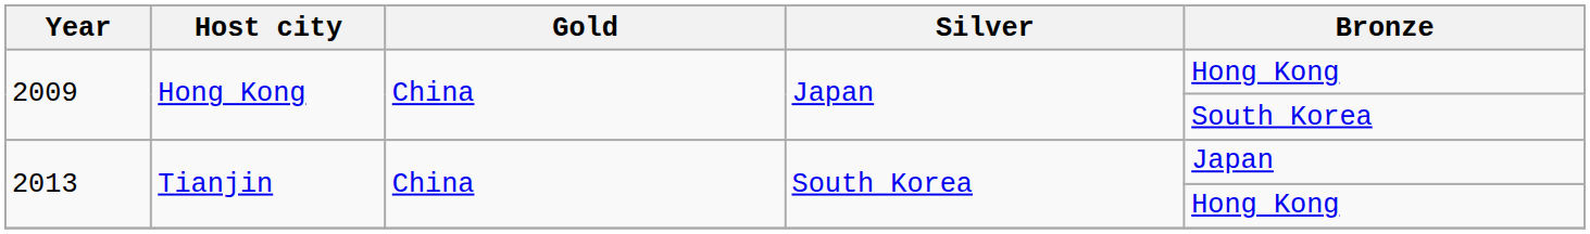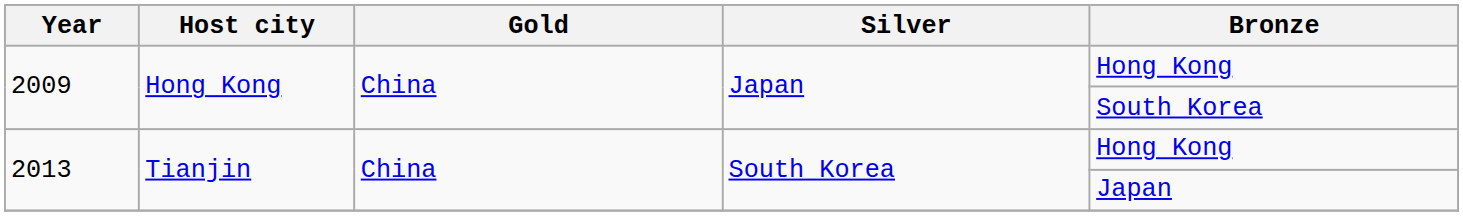 <table class="wikitable" style="text-align: left; width: 750px;">
 <tr>
 <th width="60">Year</th>
 <th width="100">Host city</th>
 <th width="175">Gold</th>
 <th width="175">Silver</th>
 <th width="175">Bronze</th>
 </tr>
 <tr>
 <td rowspan=2>2009</td>
 <td rowspan=2><a href='#'>Hong Kong</a></td>
 <td rowspan=2> <a href='#'>China</a></td>
 <td rowspan=2> <a href='#'>Japan</a></td>
 <td> <a href='#'>Hong Kong</a></td>
 </tr>
 <tr>
 <td> <a href='#'>South Korea</a></td>
 </tr>
 <tr>
 <td rowspan=2>2013</td>
 <td rowspan=2><a href='#'>Tianjin</a></td>
 <td rowspan=2> <a href='#'>China</a></td>
 <td rowspan=2> <a href='#'>South Korea</a></td>
-<td> <a href='#'>Japan</a></td>
+<td> <a href='#'>Hong Kong</a></td>
 </tr>
 <tr>
-<td> <a href='#'>Hong Kong</a></td>
+<td> <a href='#'>Japan</a></td>
 </tr>
 <tr>
 </tr>
 </table>
